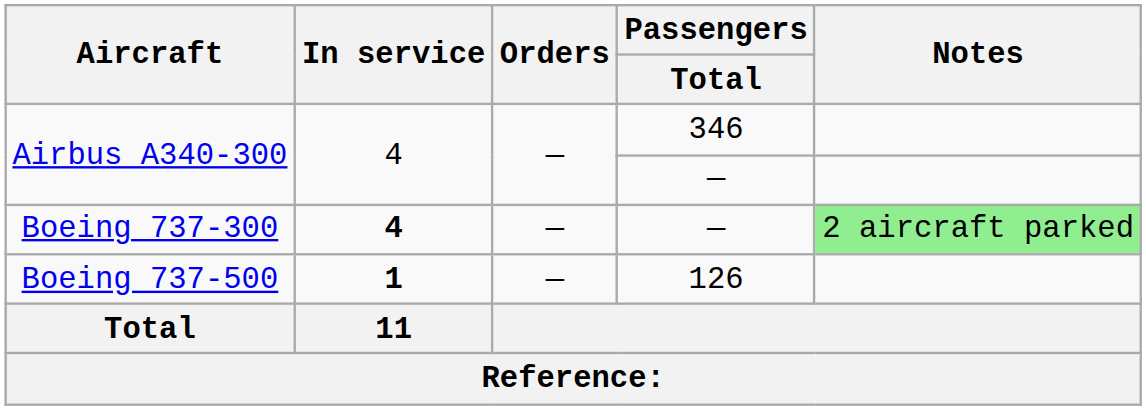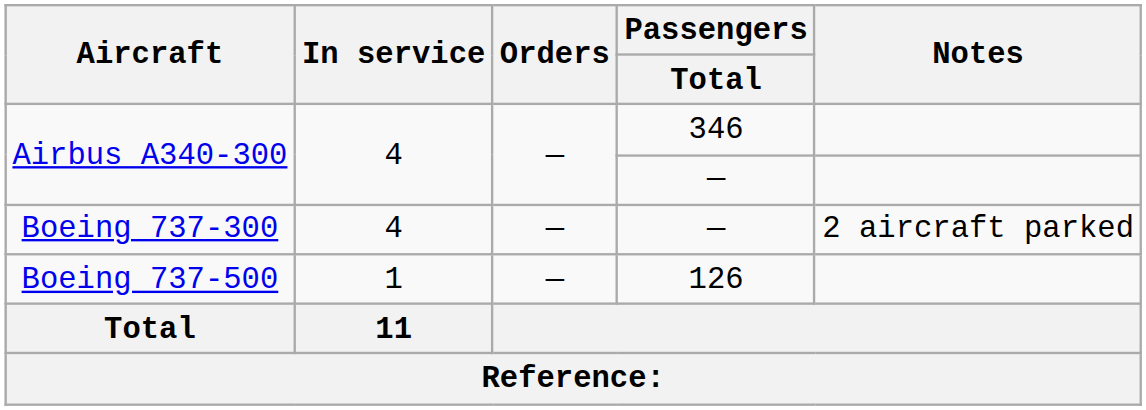 <table class="wikitable" style="text-align:center; margin:1em auto;">
 <tr>
 <th rowspan="2">Aircraft</th>
 <th rowspan="2">In service</th>
 <th rowspan="2">Orders</th>
 <th>Passengers</th>
 <th rowspan="2">Notes</th>
 </tr>
 <tr>
 <th>Total</th>
 </tr>
 <tr>
 <td rowspan="2"><a href='#'>Airbus A340-300</a></td>
 <td rowspan="2">4</td>
 <td rowspan="2">—</td>
 <td>346</td>
 <td></td>
 </tr>
 <tr>
 <td>—</td>
 <td></td>
 </tr>
 <tr>
 <td><a href='#'>Boeing 737-300</a></td>
-<td><strong>4</strong></td>
+<td>4</td>
 <td>—</td>
 <td>—</td>
-<td style="background: lightgreen;">2 aircraft parked</td>
+<td>2 aircraft parked</td>
 </tr>
 <tr>
 <td><a href='#'>Boeing 737-500</a></td>
-<td><strong>1</strong></td>
+<td>1</td>
 <td>—</td>
 <td>126</td>
 <td></td>
 </tr>
 <tr>
 <th>Total</th>
 <th>11</th>
 <th colspan="3"></th>
 </tr>
 <tr>
 <th colspan="5">Reference:</th>
 </tr>
 </table>
